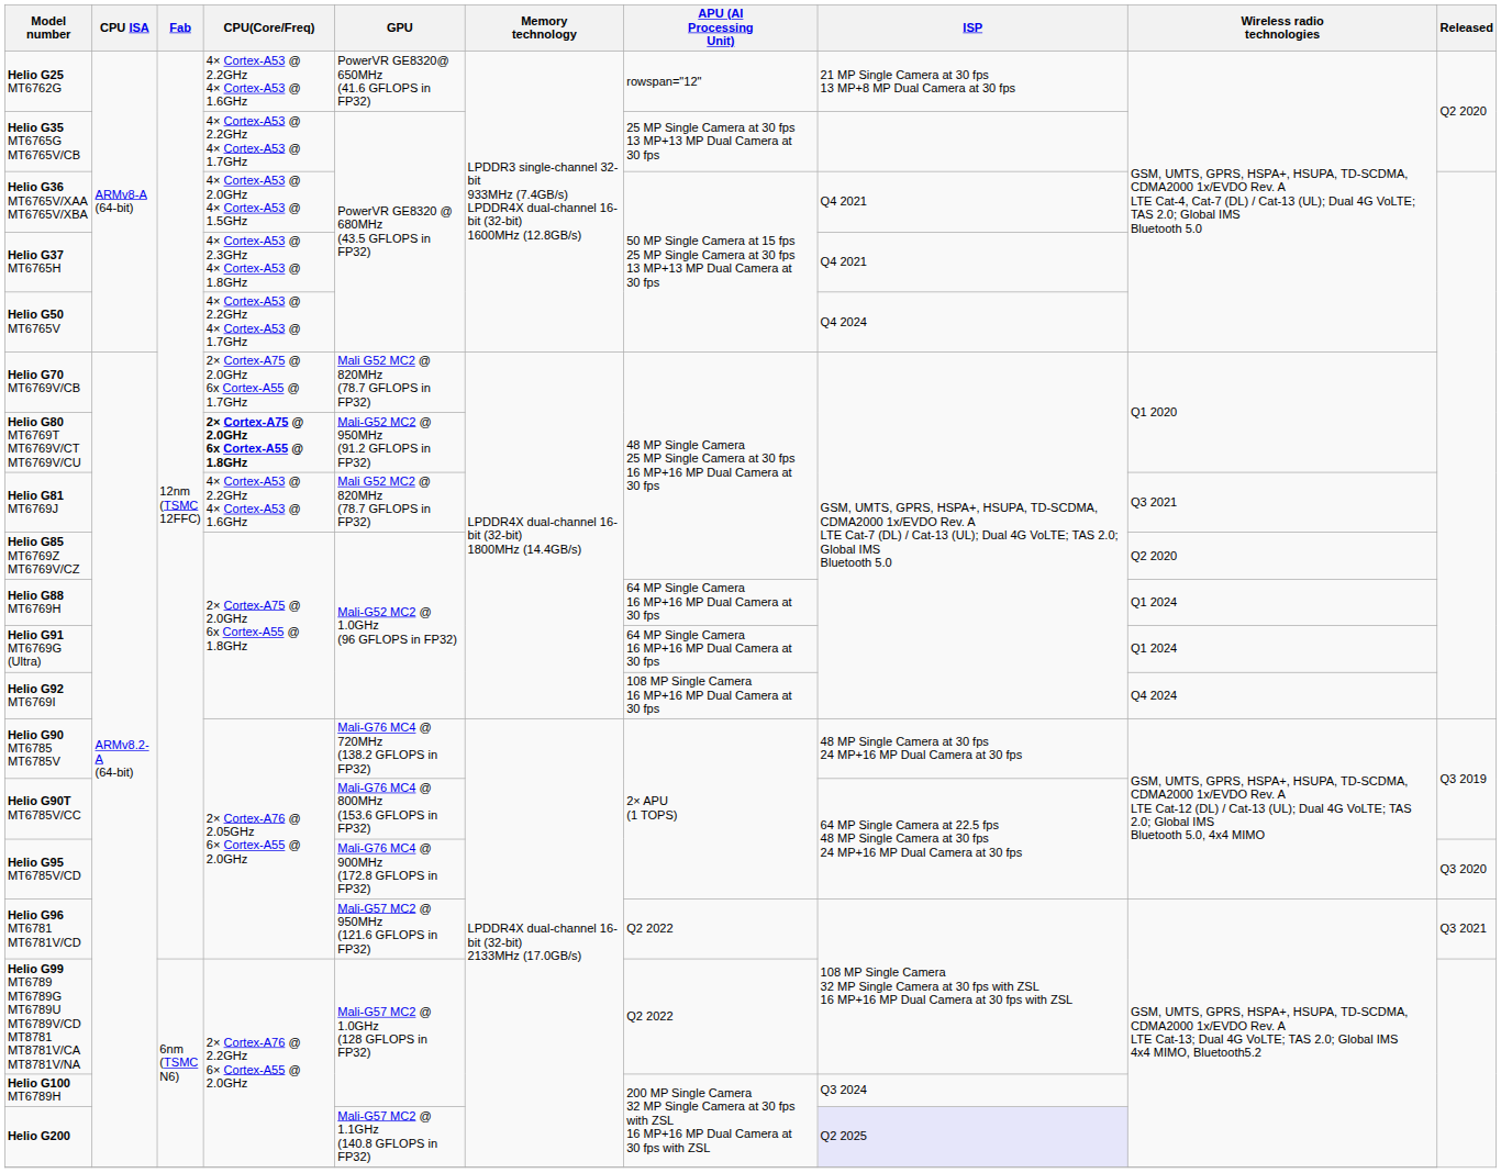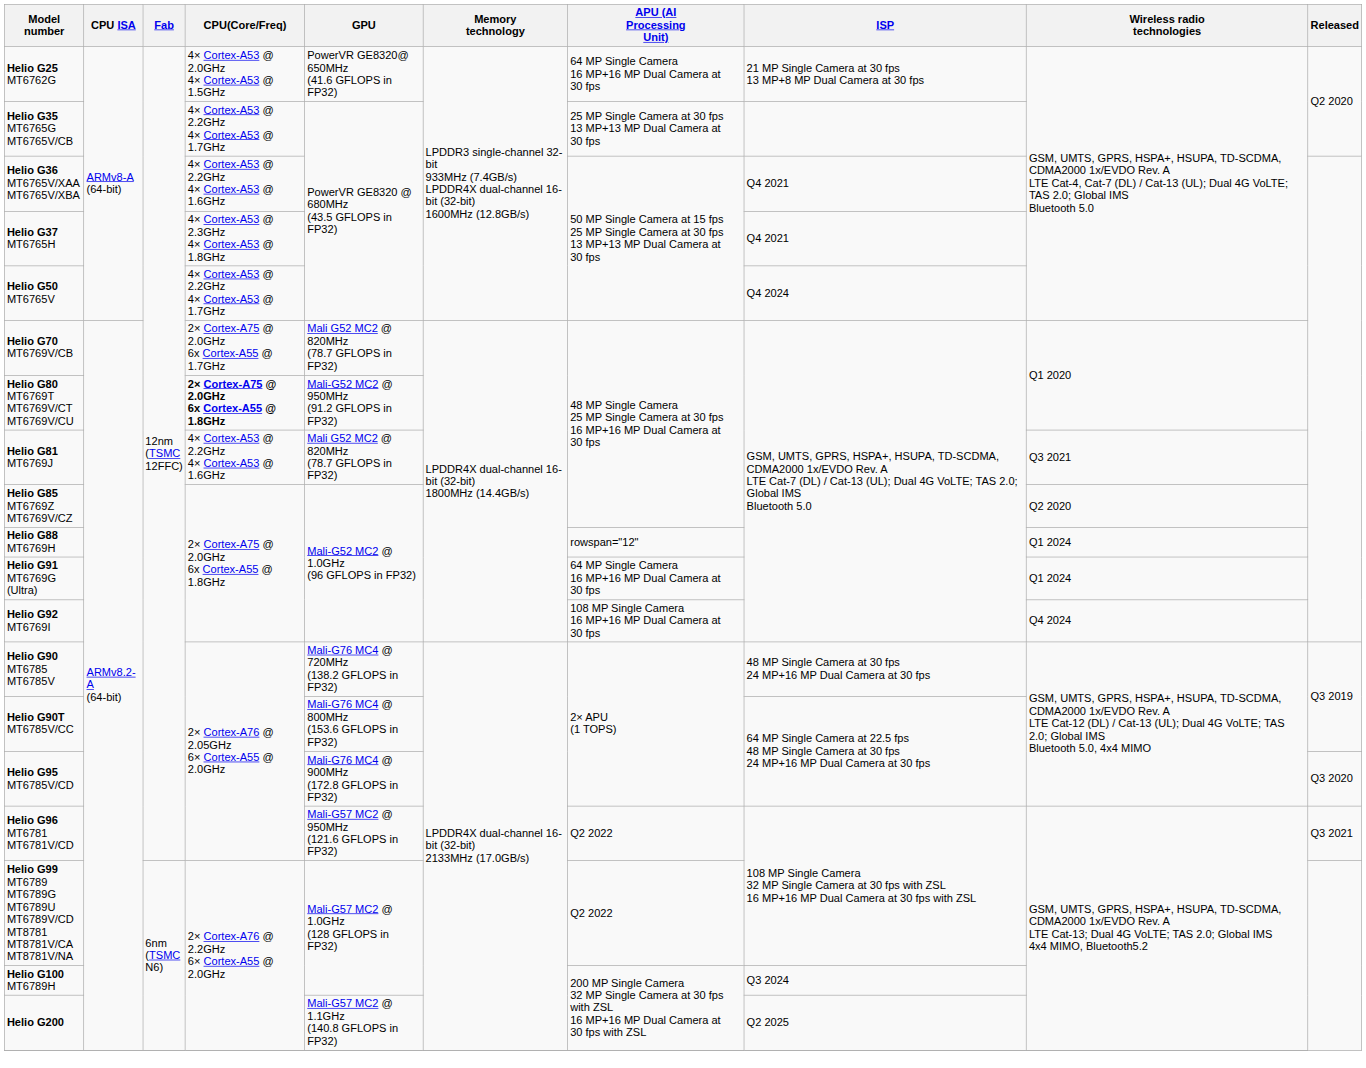 <table class="wikitable">
 <tr>
 <th>Model number</th>
 <th>CPU <a href='#'>ISA</a></th>
 <th><a href='#'>Fab</a></th>
 <th>CPU(Core/Freq)</th>
 <th>GPU</th>
 <th>Memory<br>technology</th>
 <th><a href='#'>APU (AI <br>Processing <br>Unit)</a></th>
 <th><a href='#'>ISP</a></th>
 <th>Wireless radio <br>technologies</th>
 <th>Released</th>
 </tr>
 <tr>
 <td><b>Helio G25</b> <br>MT6762G</td>
 <td rowspan="5"><a href='#'>ARMv8-A</a> <br>(64-bit)</td>
 <td rowspan="16">12nm <br>(<a href='#'>TSMC</a><br>12FFC)</td>
-<td>4× <a href='#'>Cortex-A53</a> @ 2.2GHz<br>4× <a href='#'>Cortex-A53</a> @ 1.6GHz</td>
+<td>4× <a href='#'>Cortex-A53</a> @ 2.0GHz<br>4× <a href='#'>Cortex-A53</a> @ 1.5GHz</td>
 <td>PowerVR GE8320@ 650MHz<br>(41.6 GFLOPS in FP32)</td>
 <td rowspan="5">LPDDR3 single-channel 32-bit<br>933MHz (7.4GB/s)<br>LPDDR4X dual-channel 16-bit (32-bit)<br>1600MHz (12.8GB/s)</td>
-<td>rowspan="12" </td>
+<td>64 MP Single Camera<br>16 MP+16 MP Dual Camera at 30 fps</td>
 <td>21 MP Single Camera at 30 fps<br>13 MP+8 MP Dual Camera at 30 fps</td>
 <td rowspan="5">GSM, UMTS, GPRS, HSPA+, HSUPA, TD-SCDMA, CDMA2000 1x/EVDO Rev. A<br>LTE Cat-4, Cat-7 (DL) / Cat-13 (UL); Dual 4G VoLTE; TAS 2.0; Global IMS<br>Bluetooth 5.0</td>
 <td rowspan="2">Q2 2020</td>
 </tr>
 <tr>
 <td><b>Helio G35</b><br>MT6765G <br>MT6765V/CB</td>
 <td>4× <a href='#'>Cortex-A53</a> @ 2.2GHz<br>4× <a href='#'>Cortex-A53</a> @ 1.7GHz</td>
 <td rowspan="4">PowerVR GE8320 @ 680MHz<br>(43.5 GFLOPS in FP32)</td>
 <td>25 MP Single Camera at 30 fps<br>13 MP+13 MP Dual Camera at 30 fps</td>
 </tr>
 <tr>
 <td><b>Helio G36</b> <br>MT6765V/XAA <br>MT6765V/XBA</td>
-<td>4× <a href='#'>Cortex-A53</a> @ 2.0GHz<br>4× <a href='#'>Cortex-A53</a> @ 1.5GHz</td>
+<td>4× <a href='#'>Cortex-A53</a> @ 2.2GHz<br>4× <a href='#'>Cortex-A53</a> @ 1.6GHz</td>
 <td rowspan="3">50 MP Single Camera at 15 fps<br>25 MP Single Camera at 30 fps<br>13 MP+13 MP Dual Camera at 30 fps</td>
 <td>Q4 2021</td>
 </tr>
 <tr>
 <td><b>Helio G37</b> <br>MT6765H</td>
 <td>4× <a href='#'>Cortex-A53</a> @ 2.3GHz<br>4× <a href='#'>Cortex-A53</a> @ 1.8GHz</td>
 <td>Q4 2021</td>
 </tr>
 <tr>
 <td><b>Helio G50</b> <br>MT6765V</td>
 <td>4× <a href='#'>Cortex-A53</a> @ 2.2GHz<br>4× <a href='#'>Cortex-A53</a> @ 1.7GHz</td>
 <td>Q4 2024</td>
 </tr>
 <tr>
 <td><b>Helio G70</b> <br>MT6769V/CB</td>
 <td rowspan="14"><a href='#'>ARMv8.2-A</a> <br>(64-bit)</td>
 <td>2× <a href='#'>Cortex-A75</a> @ 2.0GHz<br>6x <a href='#'>Cortex-A55</a> @ 1.7GHz</td>
 <td><a href='#'> Mali G52 MC2</a> @ 820MHz<br>(78.7 GFLOPS in FP32)</td>
 <td rowspan="7">LPDDR4X dual-channel 16-bit (32-bit)<br>1800MHz (14.4GB/s)</td>
 <td rowspan="4">48 MP Single Camera<br>25 MP Single Camera at 30 fps<br>16 MP+16 MP Dual Camera at 30 fps</td>
 <td rowspan="7">GSM, UMTS, GPRS, HSPA+, HSUPA, TD-SCDMA, CDMA2000 1x/EVDO Rev. A<br>LTE Cat-7 (DL) / Cat-13 (UL); Dual 4G VoLTE; TAS 2.0; Global IMS<br>Bluetooth 5.0</td>
 <td rowspan="2">Q1 2020</td>
 </tr>
 <tr>
 <td><b>Helio G80</b> <br>MT6769T <br>MT6769V/CT <br>MT6769V/CU</td>
 <td><strong>2× <a href='#'>Cortex-A75</a> @ 2.0GHz<br>6x <a href='#'>Cortex-A55</a> @ 1.8GHz</strong></td>
 <td><a href='#'>Mali-G52 MC2</a> @ 950MHz<br>(91.2 GFLOPS in FP32)</td>
 </tr>
 <tr>
 <td><b>Helio G81</b>  <br>MT6769J</td>
 <td>4× <a href='#'>Cortex-A53</a> @ 2.2GHz<br>4× <a href='#'>Cortex-A53</a> @ 1.6GHz</td>
 <td><a href='#'> Mali G52 MC2</a> @ 820MHz<br>(78.7 GFLOPS in FP32)</td>
 <td>Q3 2021</td>
 </tr>
 <tr>
 <td><b>Helio G85</b> <br>MT6769Z <br>MT6769V/CZ</td>
 <td rowspan="4">2× <a href='#'>Cortex-A75</a> @ 2.0GHz <br>6x <a href='#'>Cortex-A55</a> @ 1.8GHz</td>
 <td rowspan="4"><a href='#'>Mali-G52 MC2</a> @ 1.0GHz<br>(96 GFLOPS in FP32)</td>
 <td>Q2 2020</td>
 </tr>
 <tr>
 <td><b>Helio G88</b> <br>MT6769H</td>
-<td>64 MP Single Camera<br>16 MP+16 MP Dual Camera at 30 fps</td>
+<td>rowspan="12" </td>
 <td>Q1 2024</td>
 </tr>
 <tr>
 <td><b>Helio G91</b> <br>MT6769G<br>(Ultra)</td>
 <td>64 MP Single Camera<br>16 MP+16 MP Dual Camera at 30 fps</td>
 <td>Q1 2024</td>
 </tr>
 <tr>
 <td><b>Helio G92</b> <br>MT6769I</td>
 <td>108 MP Single Camera<br>16 MP+16 MP Dual Camera at 30 fps</td>
 <td>Q4 2024</td>
 </tr>
 <tr>
 <td><b>Helio G90</b> <br>MT6785 <br>MT6785V</td>
 <td rowspan="4">2× <a href='#'>Cortex-A76</a> @ 2.05GHz<br>6× <a href='#'>Cortex-A55</a> @ 2.0GHz</td>
 <td><a href='#'>Mali-G76 MC4</a> @ 720MHz<br>(138.2 GFLOPS in FP32)</td>
 <td rowspan="7">LPDDR4X dual-channel 16-bit (32-bit)<br>2133MHz (17.0GB/s)</td>
 <td rowspan="3">2× APU<br>(1 TOPS)</td>
 <td>48 MP Single Camera at 30 fps<br>24 MP+16 MP Dual Camera at 30 fps</td>
 <td rowspan="3">GSM, UMTS, GPRS, HSPA+, HSUPA, TD-SCDMA, CDMA2000 1x/EVDO Rev. A<br>LTE Cat-12 (DL) / Cat-13 (UL); Dual 4G VoLTE; TAS 2.0; Global IMS<br>Bluetooth 5.0, 4x4 MIMO</td>
 <td rowspan="2">Q3 2019</td>
 </tr>
 <tr>
 <td><b>Helio G90T</b> <br>MT6785V/CC</td>
 <td><a href='#'>Mali-G76 MC4</a> @ 800MHz<br>(153.6 GFLOPS in FP32)</td>
 <td rowspan="2">64 MP Single Camera at 22.5 fps<br>48 MP Single Camera at 30 fps<br>24 MP+16 MP Dual Camera at 30 fps</td>
 </tr>
 <tr>
 <td><b>Helio G95</b> <br>MT6785V/CD</td>
 <td><a href='#'>Mali-G76 MC4</a> @ 900MHz<br>(172.8 GFLOPS in FP32)</td>
 <td>Q3 2020</td>
 </tr>
 <tr>
 <td><b>Helio G96</b> <br>MT6781 <br>MT6781V/CD</td>
 <td><a href='#'>Mali-G57 MC2</a> @ 950MHz<br>(121.6 GFLOPS in FP32)</td>
 <td>Q2 2022</td>
 <td rowspan="2">108 MP Single Camera<br>32 MP Single Camera at 30 fps with ZSL<br>16 MP+16 MP Dual Camera at 30 fps with ZSL</td>
 <td rowspan="4">GSM, UMTS, GPRS, HSPA+, HSUPA, TD-SCDMA, CDMA2000 1x/EVDO Rev. A<br>LTE Cat-13; Dual 4G VoLTE; TAS 2.0; Global IMS<br>4x4 MIMO, Bluetooth5.2</td>
 <td>Q3 2021</td>
 </tr>
 <tr>
 <td><b>Helio G99</b> <br>MT6789 <br>MT6789G <br>MT6789U <br>MT6789V/CD <br>MT8781 <br>MT8781V/CA <br>MT8781V/NA</td>
 <td rowspan="3">6nm <br>(<a href='#'>TSMC</a> <br>N6)</td>
 <td rowspan="3">2× <a href='#'>Cortex-A76</a> @ 2.2GHz<br>6× <a href='#'>Cortex-A55</a> @ 2.0GHz</td>
 <td rowspan="2"><a href='#'>Mali-G57 MC2</a> @ 1.0GHz<br>(128 GFLOPS in FP32)</td>
 <td>Q2 2022</td>
 </tr>
 <tr>
 <td><b>Helio G100</b> <br>MT6789H </td>
 <td rowspan="2">200 MP Single Camera<br>32 MP Single Camera at 30 fps with ZSL<br>16 MP+16 MP Dual Camera at 30 fps with ZSL</td>
 <td>Q3 2024</td>
 </tr>
 <tr>
 <td><b>Helio G200</b></td>
 <td><a href='#'>Mali-G57 MC2</a> @ 1.1GHz<br>(140.8 GFLOPS in FP32)</td>
-<td style="background: lavender;">Q2 2025</td>
+<td>Q2 2025</td>
 </tr>
 <tr>
 </tr>
 </table>
